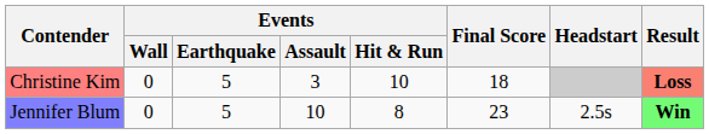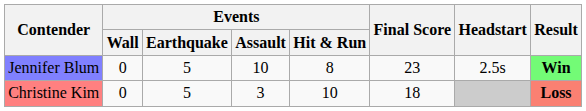 <table class="wikitable" style="text-align:center;">
 <tr>
 <th rowspan=2>Contender</th>
 <th colspan=4>Events</th>
 <th rowspan=2>Final Score</th>
 <th rowspan=2>Headstart</th>
 <th rowspan=2>Result</th>
 </tr>
 <tr>
 <th>Wall</th>
 <th>Earthquake</th>
 <th>Assault</th>
 <th>Hit & Run</th>
 </tr>
 <tr>
+<td bgcolor=#8080ff style="text-align:left;">Jennifer Blum</td>
+<td>0</td>
+<td>5</td>
+<td>10</td>
+<td>8</td>
+<td>23</td>
+<td>2.5s</td>
+<td style="text-align:center; background:#73fb76;"><strong>Win</strong></td>
+</tr>
+<tr>
 <td bgcolor=#ff8080 style="text-align:left;">Christine Kim</td>
 <td>0</td>
 <td>5</td>
 <td>3</td>
 <td>10</td>
 <td>18</td>
 <td style="background:#ccc"></td>
 <td style="text-align:center; background:salmon;"><strong>Loss</strong></td>
 </tr>
-<tr>
-<td bgcolor=#8080ff style="text-align:left;">Jennifer Blum</td>
-<td>0</td>
-<td>5</td>
-<td>10</td>
-<td>8</td>
-<td>23</td>
-<td>2.5s</td>
-<td style="text-align:center; background:#73fb76;"><strong>Win</strong></td>
-</tr>
 </table>
